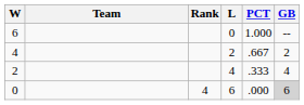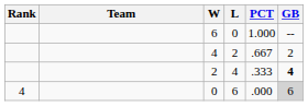 <table class=wikitable style="text-align:center;">
 <tr>
+<th>Rank</th>
+<th width=210px>Team</th>
 <th width=20px>W</th>
-<th width=210px>Team</th>
-<th>Rank</th>
 <th width=20px>L</th>
 <th width=35px><a href='#'>PCT</a></th>
 <th width=25px><a href='#'>GB</a></th>
 </tr>
 <tr>
+<td></td>
+<td align=left><strong></strong></td>
 <td>6</td>
-<td align=left><strong></strong></td>
-<td></td>
 <td>0</td>
 <td>1.000</td>
 <td>--</td>
 </tr>
 <tr>
+<td></td>
+<td align=left></td>
 <td>4</td>
-<td align=left></td>
-<td></td>
 <td>2</td>
 <td>.667</td>
 <td>2</td>
 </tr>
 <tr>
+<td></td>
+<td align=left></td>
 <td>2</td>
-<td align=left></td>
-<td></td>
 <td>4</td>
 <td>.333</td>
-<td>4</td>
+<td><strong>4</strong></td>
 </tr>
 <tr>
+<td>4</td>
+<td align=left></td>
 <td>0</td>
-<td align=left></td>
-<td>4</td>
 <td>6</td>
 <td>.000</td>
 <td style="background: lightgrey;">6</td>
 </tr>
 </table>
